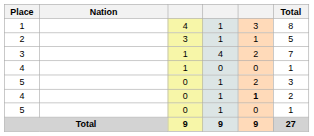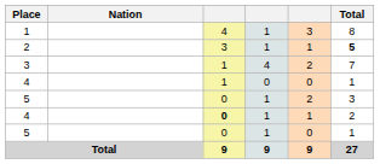 <table class=wikitable style="border:1px solid #AAAAAA;font-size:90%">
 <tr bgcolor="#EFEFEF">
 <th width=50>Place</th>
 <th width=200>Nation</th>
 <th width=50></th>
 <th width=50></th>
 <th width=50></th>
 <th width=50>Total</th>
 </tr>
 <tr align="center" valign="top" bgcolor="#FFFFFF">
 <td>1</td>
 <td align="left"></td>
 <td style="background:#F7F6A8;">4</td>
 <td style="background:#DCE5E5;">1</td>
 <td style="background:#FFDAB9;">3</td>
 <td>8</td>
 </tr>
 <tr align="center" valign="top" bgcolor="#FFFFFF">
 <td>2</td>
 <td align="left"></td>
 <td style="background:#F7F6A8;">3</td>
 <td style="background:#DCE5E5;">1</td>
 <td style="background:#FFDAB9;">1</td>
-<td>5</td>
+<td><strong>5</strong></td>
 </tr>
 <tr align="center" valign="top" bgcolor="#FFFFFF">
 <td>3</td>
 <td align="left"></td>
 <td style="background:#F7F6A8;">1</td>
 <td style="background:#DCE5E5;">4</td>
 <td style="background:#FFDAB9;">2</td>
 <td>7</td>
 </tr>
 <tr align="center" valign="top" bgcolor="#FFFFFF">
 <td>4</td>
 <td align="left"></td>
 <td style="background:#F7F6A8;">1</td>
 <td style="background:#DCE5E5;">0</td>
 <td style="background:#FFDAB9;">0</td>
 <td>1</td>
 </tr>
 <tr align="center" valign="top" bgcolor="#FFFFFF">
 <td>5</td>
 <td align="left"></td>
 <td style="background:#F7F6A8;">0</td>
 <td style="background:#DCE5E5;">1</td>
 <td style="background:#FFDAB9;">2</td>
 <td>3</td>
 </tr>
 <tr align="center" valign="top" bgcolor="#FFFFFF">
 <td>4</td>
 <td align="left"></td>
-<td style="background:#F7F6A8;">0</td>
+<td style="background:#F7F6A8;"><strong>0</strong></td>
 <td style="background:#DCE5E5;">1</td>
-<td style="background:#FFDAB9;"><strong>1</strong></td>
+<td style="background:#FFDAB9;">1</td>
 <td>2</td>
 </tr>
 <tr align="center" valign="top" bgcolor="#FFFFFF">
 <td>5</td>
 <td align="left"></td>
 <td style="background:#F7F6A8;">0</td>
 <td style="background:#DCE5E5;">1</td>
 <td style="background:#FFDAB9;">0</td>
 <td>1</td>
 </tr>
 <tr align="center">
 <td colspan="2" bgcolor=D3D3D3><strong>Total</strong></td>
 <td style="background:#F7F6A8;"><strong>9</strong></td>
 <td style="background:#DCE5E5;"><strong>9</strong></td>
 <td style="background:#FFDAB9;"><strong>9</strong></td>
 <td bgcolor=D3D3D3><strong>27</strong></td>
 </tr>
 </table>
